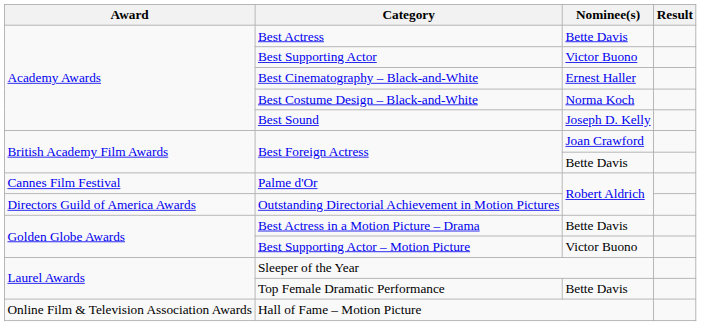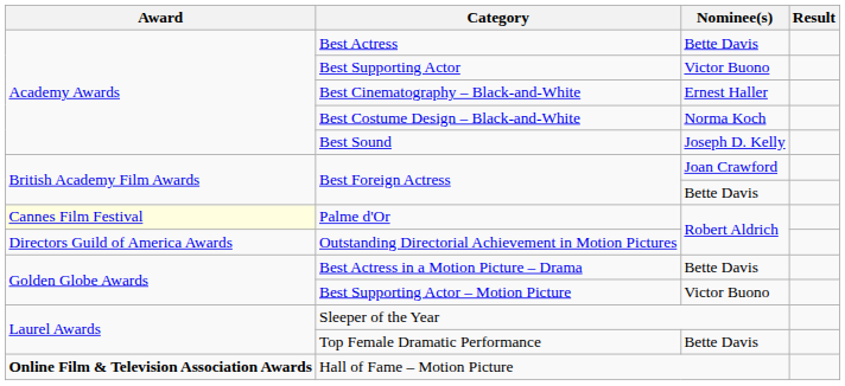 <table class="wikitable plainrowheaders">
 <tr>
 <th>Award</th>
 <th>Category</th>
 <th>Nominee(s)</th>
 <th>Result</th>
 </tr>
 <tr>
 <td rowspan="5"><a href='#'>Academy Awards</a></td>
 <td><a href='#'>Best Actress</a></td>
 <td><a href='#'>Bette Davis</a></td>
 <td></td>
 </tr>
 <tr>
 <td><a href='#'>Best Supporting Actor</a></td>
 <td><a href='#'>Victor Buono</a></td>
 <td></td>
 </tr>
 <tr>
 <td><a href='#'>Best Cinematography – Black-and-White</a></td>
 <td><a href='#'>Ernest Haller</a></td>
 <td></td>
 </tr>
 <tr>
 <td><a href='#'>Best Costume Design – Black-and-White</a></td>
 <td><a href='#'>Norma Koch</a></td>
 <td></td>
 </tr>
 <tr>
 <td><a href='#'>Best Sound</a></td>
 <td><a href='#'>Joseph D. Kelly</a></td>
 <td></td>
 </tr>
 <tr>
 <td rowspan="2"><a href='#'>British Academy Film Awards</a></td>
 <td rowspan="2"><a href='#'>Best Foreign Actress</a></td>
 <td><a href='#'>Joan Crawford</a></td>
 <td></td>
 </tr>
 <tr>
 <td>Bette Davis</td>
 <td></td>
 </tr>
 <tr>
-<td><a href='#'>Cannes Film Festival</a></td>
+<td style="background: lightyellow;"><a href='#'>Cannes Film Festival</a></td>
 <td><a href='#'>Palme d'Or</a></td>
 <td rowspan="2"><a href='#'>Robert Aldrich</a></td>
 <td></td>
 </tr>
 <tr>
 <td><a href='#'>Directors Guild of America Awards</a></td>
 <td><a href='#'>Outstanding Directorial Achievement in Motion Pictures</a></td>
 <td></td>
 </tr>
 <tr>
 <td rowspan="2"><a href='#'>Golden Globe Awards</a></td>
 <td><a href='#'>Best Actress in a Motion Picture – Drama</a></td>
 <td>Bette Davis</td>
 <td></td>
 </tr>
 <tr>
 <td><a href='#'>Best Supporting Actor – Motion Picture</a></td>
 <td>Victor Buono</td>
 <td></td>
 </tr>
 <tr>
 <td rowspan="2"><a href='#'>Laurel Awards</a></td>
 <td colspan="2">Sleeper of the Year</td>
 <td></td>
 </tr>
 <tr>
 <td>Top Female Dramatic Performance</td>
 <td>Bette Davis</td>
 <td></td>
 </tr>
 <tr>
-<td>Online Film & Television Association Awards</td>
+<td><strong>Online Film & Television Association Awards</strong></td>
 <td colspan="2">Hall of Fame – Motion Picture</td>
 <td></td>
 </tr>
 </table>
